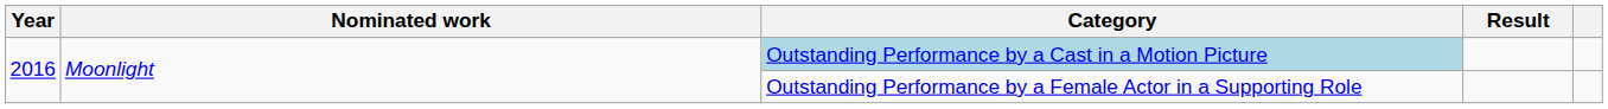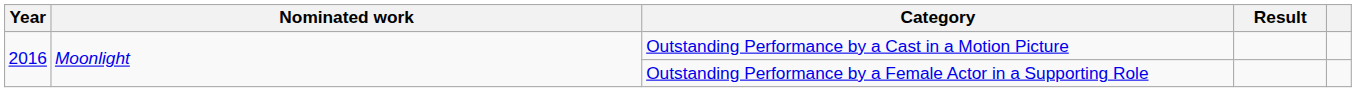 <table class="wikitable">
 <tr>
 <th scope="col" style="width:1em;">Year</th>
 <th scope="col" style="width:35em;">Nominated work</th>
 <th scope="col" style="width:35em;">Category</th>
 <th scope="col" style="width:5em;">Result</th>
 <th scope="col" style="width:1em;"></th>
 </tr>
 <tr>
 <td rowspan=2><a href='#'>2016</a></td>
 <td rowspan=2><em><a href='#'>Moonlight</a></em></td>
-<td style="background: lightblue;"><a href='#'>Outstanding Performance by a Cast in a Motion Picture</a></td>
+<td><a href='#'>Outstanding Performance by a Cast in a Motion Picture</a></td>
 <td></td>
 <td></td>
 </tr>
 <tr>
 <td><a href='#'>Outstanding Performance by a Female Actor in a Supporting Role</a></td>
 <td></td>
 <td></td>
 </tr>
 </table>
